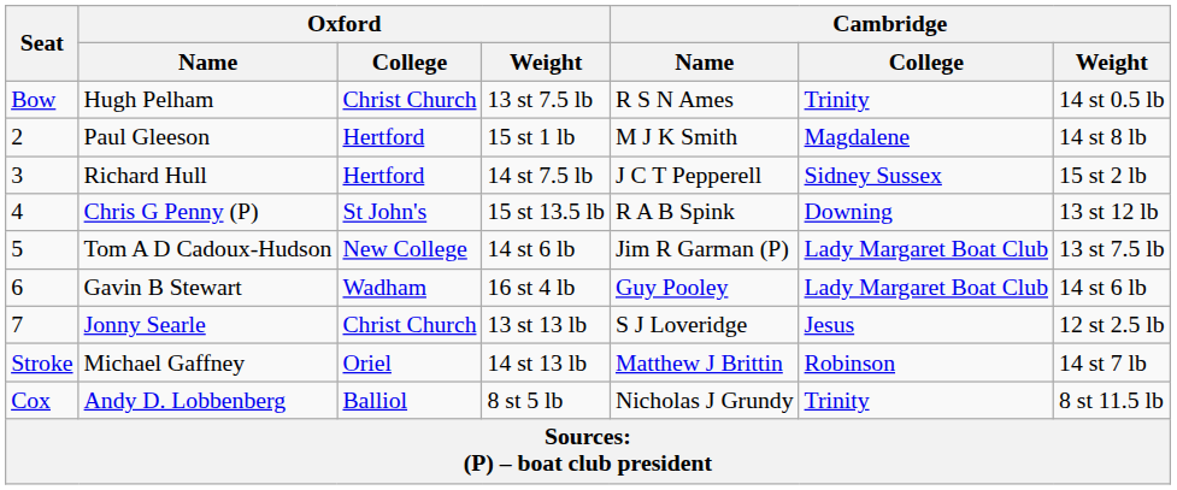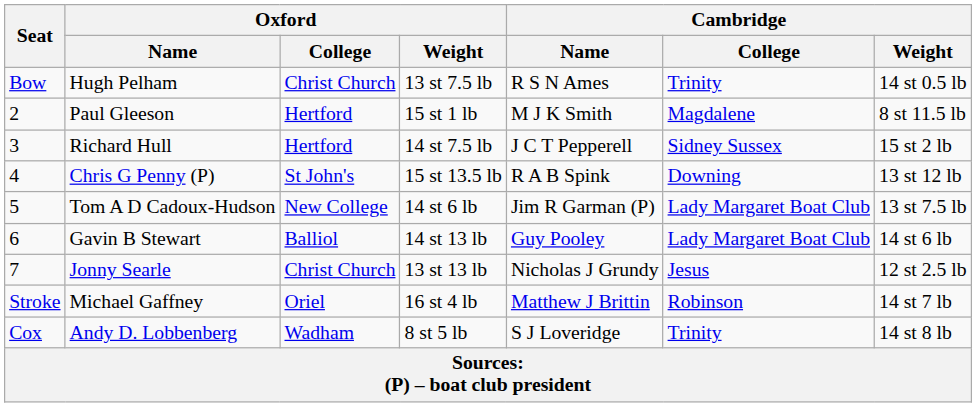 <table class="wikitable">
 <tr>
 <th rowspan="2" scope="col">Seat</th>
 <th colspan="3" scope="col">Oxford <br> </th>
 <th colspan="3" scope="col">Cambridge <br> </th>
 </tr>
 <tr>
 <th>Name</th>
 <th>College</th>
 <th>Weight</th>
 <th>Name</th>
 <th>College</th>
 <th>Weight</th>
 </tr>
 <tr>
 <td><a href='#'>Bow</a></td>
 <td>Hugh Pelham</td>
 <td><a href='#'>Christ Church</a></td>
 <td>13 st 7.5 lb</td>
 <td>R S N Ames</td>
 <td><a href='#'>Trinity</a></td>
 <td>14 st 0.5 lb</td>
 </tr>
 <tr>
 <td>2</td>
 <td>Paul Gleeson</td>
 <td><a href='#'>Hertford</a></td>
 <td>15 st 1 lb</td>
 <td>M J K Smith</td>
 <td><a href='#'>Magdalene</a></td>
-<td>14 st 8 lb</td>
+<td>8 st 11.5 lb</td>
 </tr>
 <tr>
 <td>3</td>
 <td>Richard Hull</td>
 <td><a href='#'>Hertford</a></td>
 <td>14 st 7.5 lb</td>
 <td>J C T Pepperell</td>
 <td><a href='#'>Sidney Sussex</a></td>
 <td>15 st 2 lb</td>
 </tr>
 <tr>
 <td>4</td>
 <td><a href='#'>Chris G Penny</a> (P)</td>
 <td><a href='#'>St John's</a></td>
 <td>15 st 13.5 lb</td>
 <td>R A B Spink</td>
 <td><a href='#'>Downing</a></td>
 <td>13 st 12 lb</td>
 </tr>
 <tr>
 <td>5</td>
 <td>Tom A D Cadoux-Hudson</td>
 <td><a href='#'>New College</a></td>
 <td>14 st 6 lb</td>
 <td>Jim R Garman (P)</td>
 <td><a href='#'>Lady Margaret Boat Club</a></td>
 <td>13 st 7.5 lb</td>
 </tr>
 <tr>
 <td>6</td>
 <td>Gavin B Stewart</td>
-<td><a href='#'>Wadham</a></td>
-<td>16 st 4 lb</td>
+<td><a href='#'>Balliol</a></td>
+<td>14 st 13 lb</td>
 <td><a href='#'>Guy Pooley</a></td>
 <td><a href='#'>Lady Margaret Boat Club</a></td>
 <td>14 st 6 lb</td>
 </tr>
 <tr>
 <td>7</td>
 <td><a href='#'>Jonny Searle</a></td>
 <td><a href='#'>Christ Church</a></td>
 <td>13 st 13 lb</td>
-<td>S J Loveridge</td>
+<td>Nicholas J Grundy</td>
 <td><a href='#'>Jesus</a></td>
 <td>12 st 2.5 lb</td>
 </tr>
 <tr>
 <td><a href='#'>Stroke</a></td>
 <td>Michael Gaffney</td>
 <td><a href='#'>Oriel</a></td>
-<td>14 st 13 lb</td>
+<td>16 st 4 lb</td>
 <td><a href='#'>Matthew J Brittin</a></td>
 <td><a href='#'>Robinson</a></td>
 <td>14 st 7 lb</td>
 </tr>
 <tr>
 <td><a href='#'>Cox</a></td>
 <td><a href='#'>Andy D. Lobbenberg</a></td>
-<td><a href='#'>Balliol</a></td>
+<td><a href='#'>Wadham</a></td>
 <td>8 st 5 lb</td>
-<td>Nicholas J Grundy</td>
+<td>S J Loveridge</td>
 <td><a href='#'>Trinity</a></td>
-<td>8 st 11.5 lb</td>
+<td>14 st 8 lb</td>
 </tr>
 <tr>
 <th colspan="7">Sources:<br>(P) – boat club president</th>
 </tr>
 </table>
